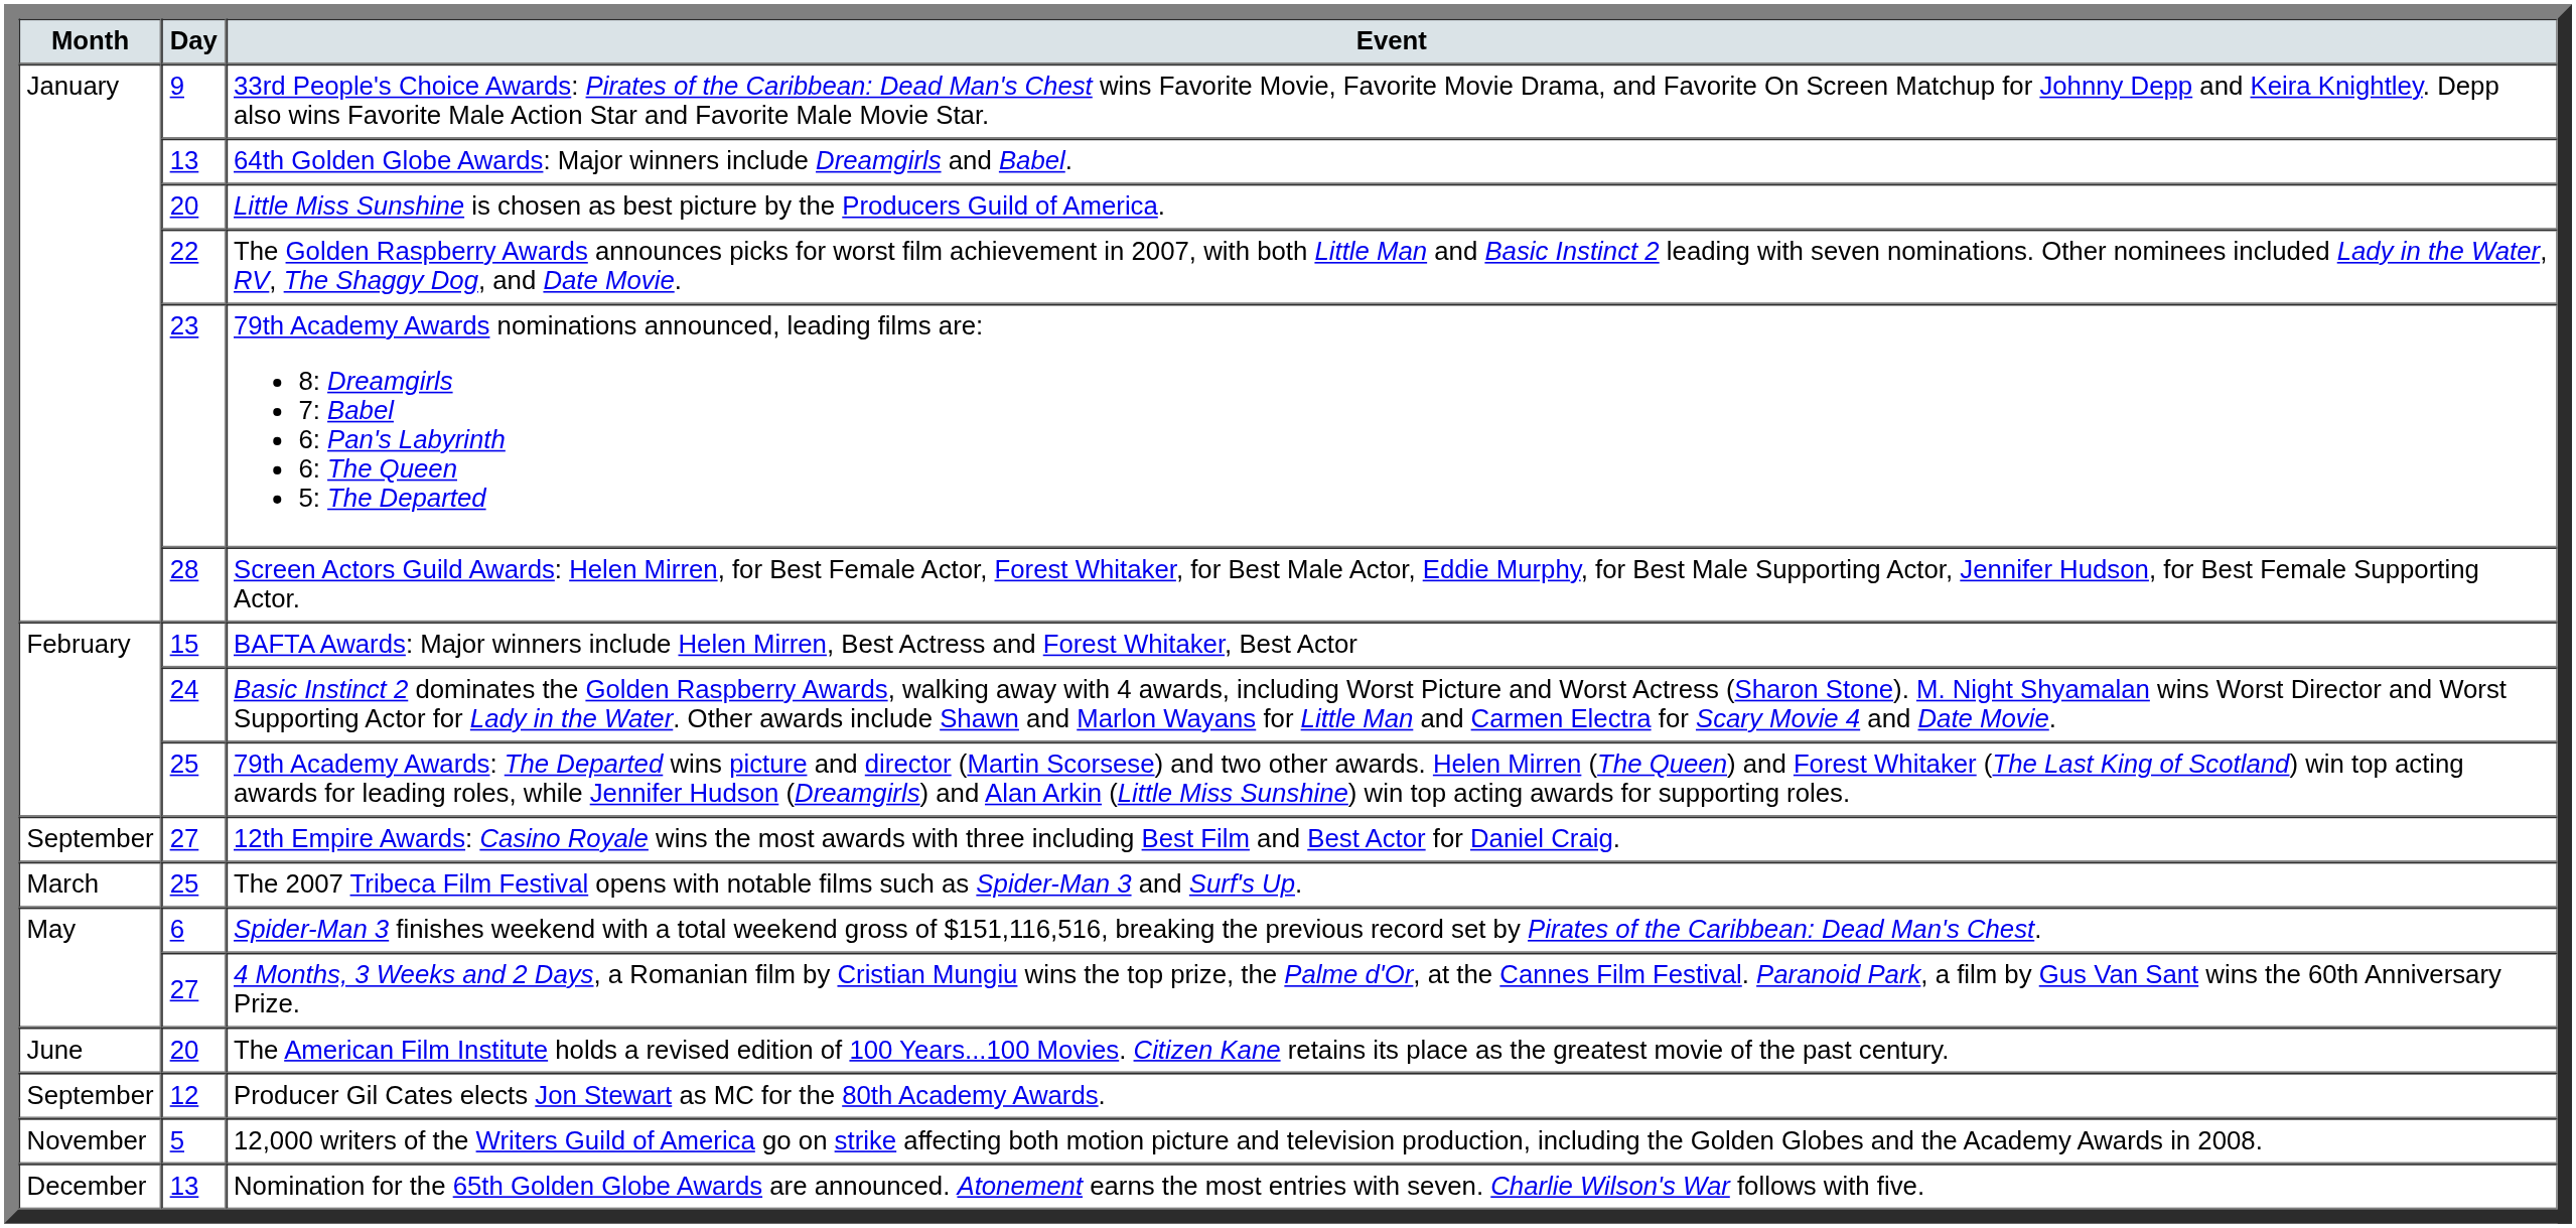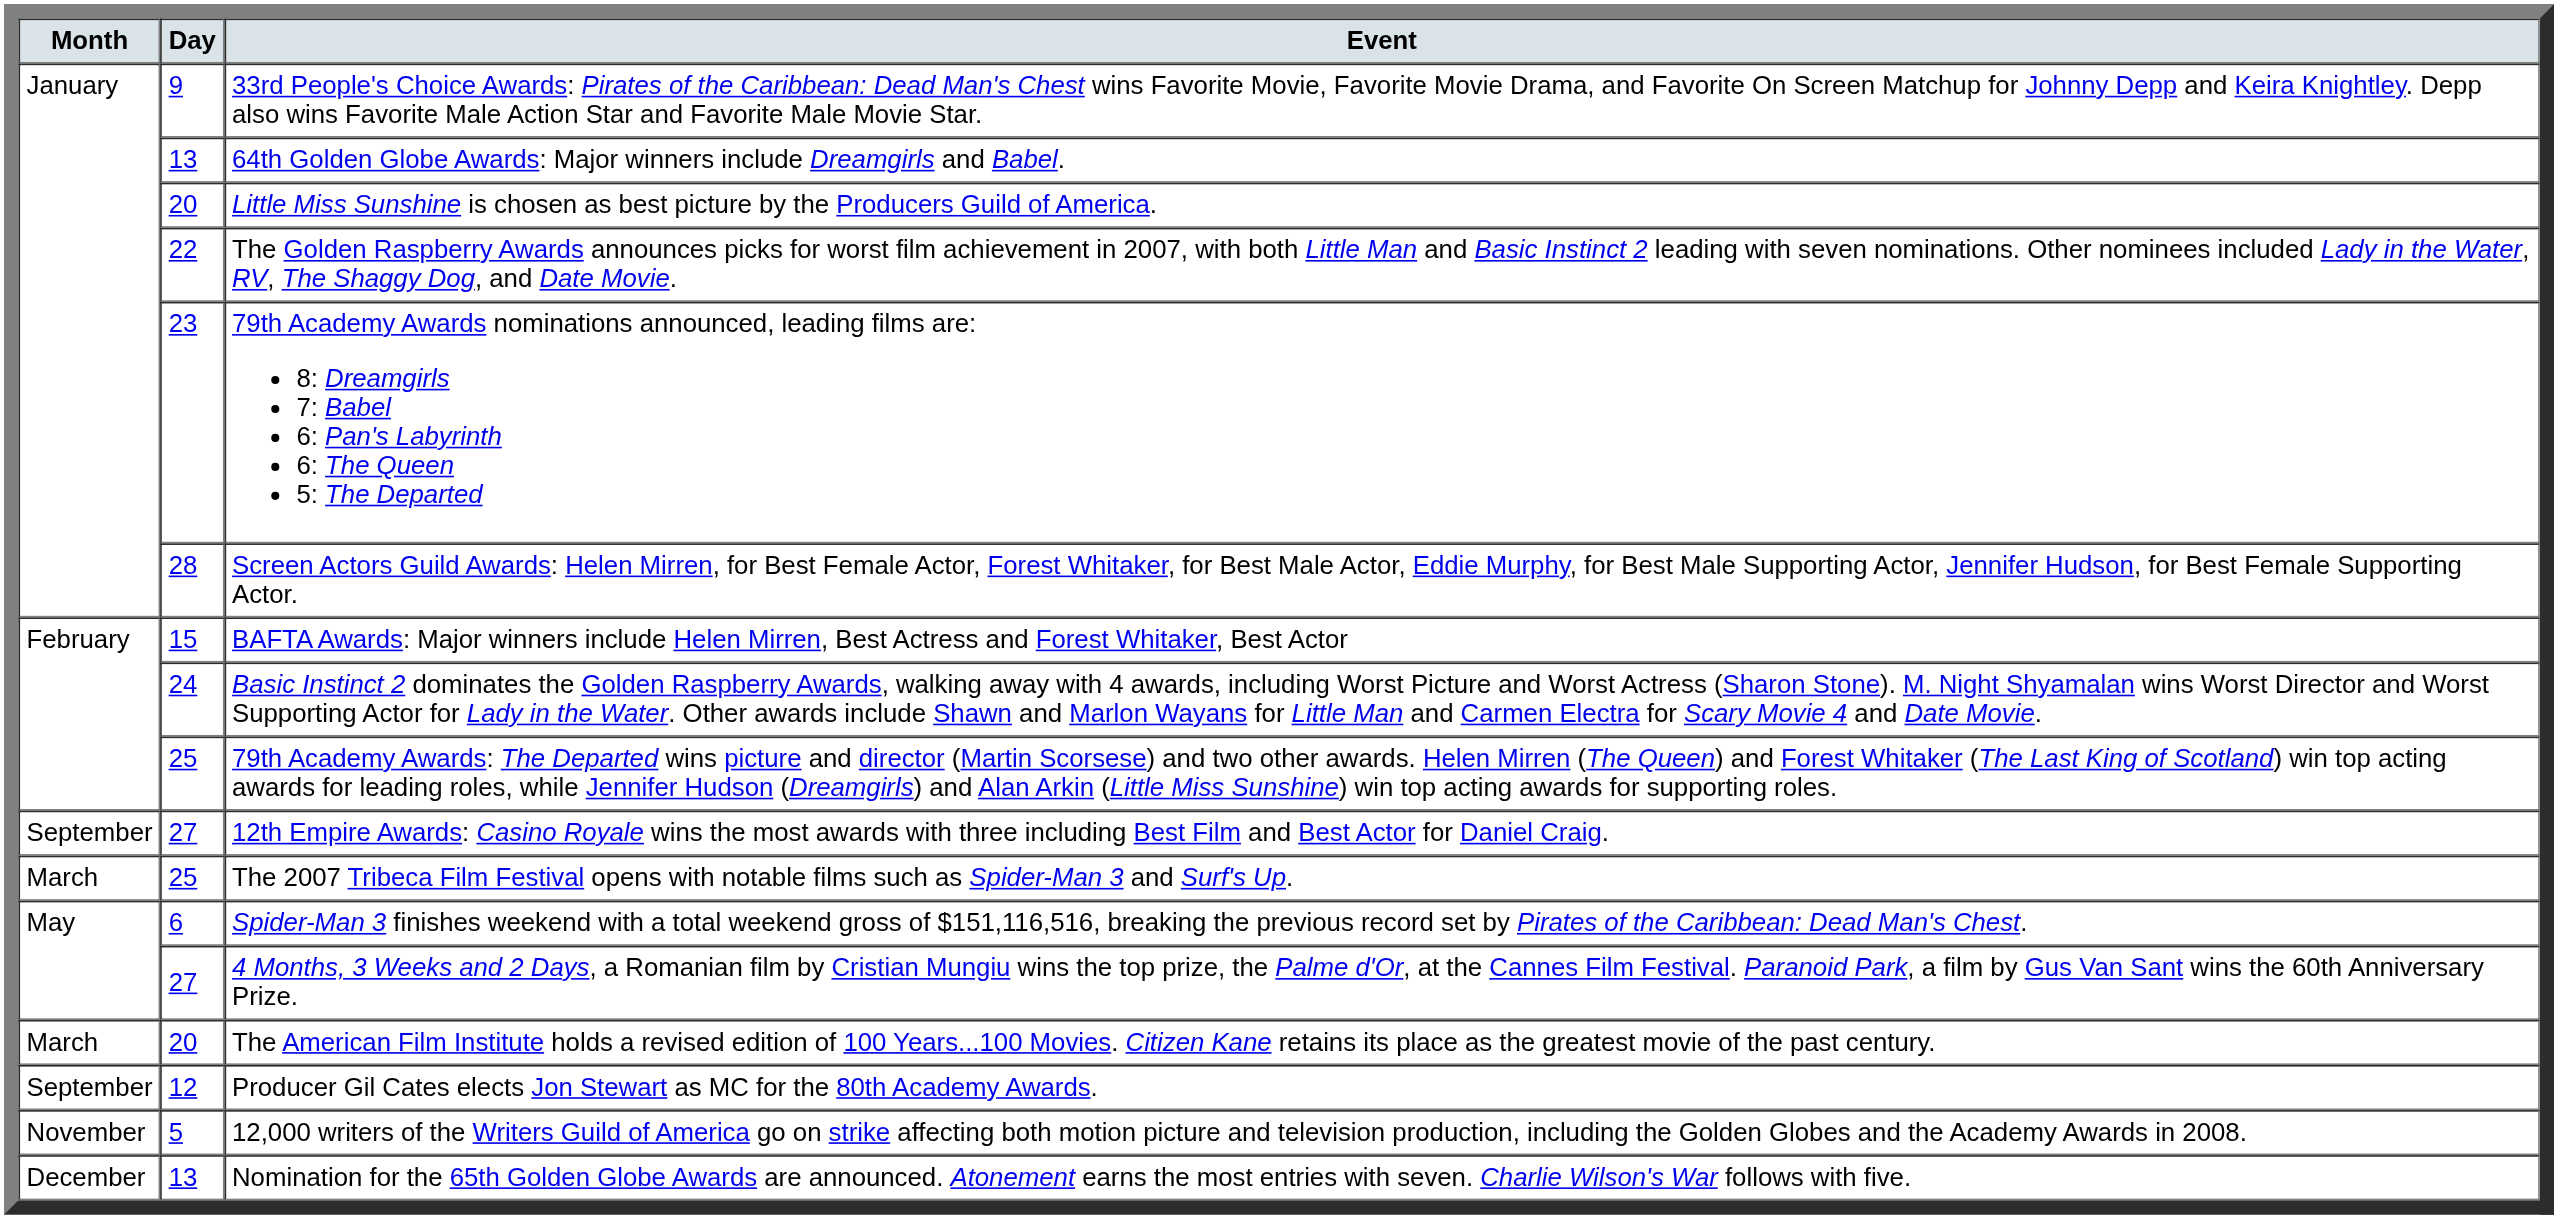 <table cellspacing="0" cellpadding="4" border="9">
 <tr bgcolor="#dae3e7" align="center">
 <td><strong>Month</strong></td>
 <td><strong>Day</strong></td>
 <td><strong>Event</strong></td>
 </tr>
 <tr valign="top">
 <td rowspan="6">January</td>
 <td><a href='#'>9</a></td>
 <td><a href='#'>33rd People's Choice Awards</a>: <em><a href='#'>Pirates of the Caribbean: Dead Man's Chest</a></em> wins Favorite Movie, Favorite Movie Drama, and Favorite On Screen Matchup for <a href='#'>Johnny Depp</a> and <a href='#'>Keira Knightley</a>. Depp also wins Favorite Male Action Star and Favorite Male Movie Star.</td>
 </tr>
 <tr valign="top">
 <td><a href='#'>13</a></td>
 <td><a href='#'>64th Golden Globe Awards</a>: Major winners include <em><a href='#'>Dreamgirls</a></em> and <em><a href='#'>Babel</a></em>.</td>
 </tr>
 <tr valign="top">
 <td><a href='#'>20</a></td>
 <td><em><a href='#'>Little Miss Sunshine</a></em> is chosen as best picture by the <a href='#'>Producers Guild of America</a>.</td>
 </tr>
 <tr valign="top">
 <td><a href='#'>22</a></td>
 <td>The <a href='#'>Golden Raspberry Awards</a> announces picks for worst film achievement in 2007, with both <em><a href='#'>Little Man</a></em> and <em><a href='#'>Basic Instinct 2</a></em> leading with seven nominations. Other nominees included <em><a href='#'>Lady in the Water</a></em>, <em><a href='#'>RV</a></em>, <em><a href='#'>The Shaggy Dog</a></em>, and <em><a href='#'>Date Movie</a></em>.</td>
 </tr>
 <tr valign="top">
 <td><a href='#'>23</a></td>
 <td><a href='#'>79th Academy Awards</a> nominations announced, leading films are:<br><ul><li>8: <em><a href='#'>Dreamgirls</a></em></li><li>7: <em><a href='#'>Babel</a></em></li><li>6: <em><a href='#'>Pan's Labyrinth</a></em></li><li>6: <em><a href='#'>The Queen</a></em></li><li>5: <em><a href='#'>The Departed</a></em></li></ul></td>
 </tr>
 <tr valign="top">
 <td><a href='#'>28</a></td>
 <td><a href='#'>Screen Actors Guild Awards</a>: <a href='#'>Helen Mirren</a>, for Best Female Actor, <a href='#'>Forest Whitaker</a>, for Best Male Actor, <a href='#'>Eddie Murphy</a>, for Best Male Supporting Actor, <a href='#'>Jennifer Hudson</a>, for Best Female Supporting Actor.</td>
 </tr>
 <tr valign="top">
 <td rowspan="3">February</td>
 <td><a href='#'>15</a></td>
 <td><a href='#'>BAFTA Awards</a>: Major winners include <a href='#'>Helen Mirren</a>, Best Actress and <a href='#'>Forest Whitaker</a>, Best Actor</td>
 </tr>
 <tr valign="top">
 <td><a href='#'>24</a></td>
 <td><em><a href='#'>Basic Instinct 2</a></em> dominates the <a href='#'>Golden Raspberry Awards</a>, walking away with 4 awards, including Worst Picture and Worst Actress (<a href='#'>Sharon Stone</a>). <a href='#'>M. Night Shyamalan</a> wins Worst Director and Worst Supporting Actor for <em><a href='#'>Lady in the Water</a></em>. Other awards include <a href='#'>Shawn</a> and <a href='#'>Marlon Wayans</a> for <em><a href='#'>Little Man</a></em> and <a href='#'>Carmen Electra</a> for <em><a href='#'>Scary Movie 4</a></em> and <em><a href='#'>Date Movie</a></em>.</td>
 </tr>
 <tr valign="top">
 <td><a href='#'>25</a></td>
 <td><a href='#'>79th Academy Awards</a>: <em><a href='#'>The Departed</a></em> wins <a href='#'>picture</a> and <a href='#'>director</a> (<a href='#'>Martin Scorsese</a>) and two other awards. <a href='#'>Helen Mirren</a> (<em><a href='#'>The Queen</a></em>) and <a href='#'>Forest Whitaker</a> (<em><a href='#'>The Last King of Scotland</a></em>) win top acting awards for leading roles, while <a href='#'>Jennifer Hudson</a> (<em><a href='#'>Dreamgirls</a></em>) and <a href='#'>Alan Arkin</a> (<em><a href='#'>Little Miss Sunshine</a></em>) win top acting awards for supporting roles.</td>
 </tr>
 <tr valign="top">
 <td>September</td>
 <td><a href='#'>27</a></td>
 <td><a href='#'>12th Empire Awards</a>: <em><a href='#'>Casino Royale</a></em> wins the most awards with three including <a href='#'>Best Film</a> and <a href='#'>Best Actor</a> for <a href='#'>Daniel Craig</a>.</td>
 </tr>
 <tr valign="top">
 <td>March</td>
 <td><a href='#'>25</a></td>
 <td>The 2007 <a href='#'>Tribeca Film Festival</a> opens with notable films such as <em><a href='#'>Spider-Man 3</a></em> and <em><a href='#'>Surf's Up</a></em>.</td>
 </tr>
 <tr valign="top">
 <td rowspan="2">May</td>
 <td><a href='#'>6</a></td>
 <td><em><a href='#'>Spider-Man 3</a></em> finishes weekend with a total weekend gross of $151,116,516, breaking the previous record set by <em><a href='#'>Pirates of the Caribbean: Dead Man's Chest</a></em>.</td>
 </tr>
 <tr valign="too">
 <td><a href='#'>27</a></td>
 <td><em><a href='#'>4 Months, 3 Weeks and 2 Days</a></em>, a Romanian film by <a href='#'>Cristian Mungiu</a> wins the top prize, the <em><a href='#'>Palme d'Or</a></em>, at the <a href='#'>Cannes Film Festival</a>. <em><a href='#'>Paranoid Park</a></em>, a film by <a href='#'>Gus Van Sant</a> wins the 60th Anniversary Prize.</td>
 </tr>
 <tr valign="top">
-<td>June</td>
+<td>March</td>
 <td><a href='#'>20</a></td>
 <td>The <a href='#'>American Film Institute</a> holds a revised edition of <a href='#'>100 Years...100 Movies</a>. <em><a href='#'>Citizen Kane</a></em> retains its place as the greatest movie of the past century.</td>
 </tr>
 <tr valign="top">
 <td>September</td>
 <td><a href='#'>12</a></td>
 <td>Producer Gil Cates elects <a href='#'>Jon Stewart</a> as MC for the <a href='#'>80th Academy Awards</a>.</td>
 </tr>
 <tr valign="top">
 <td>November</td>
 <td><a href='#'>5</a></td>
 <td>12,000 writers of the <a href='#'>Writers Guild of America</a> go on <a href='#'>strike</a> affecting both motion picture and television production, including the Golden Globes and the Academy Awards in 2008.</td>
 </tr>
 <tr valign="top">
 <td>December</td>
 <td><a href='#'>13</a></td>
 <td>Nomination for the <a href='#'>65th Golden Globe Awards</a> are announced. <em><a href='#'>Atonement</a></em> earns the most entries with seven. <em><a href='#'>Charlie Wilson's War</a></em> follows with five.</td>
 </tr>
 </table>
